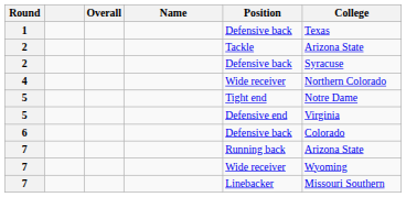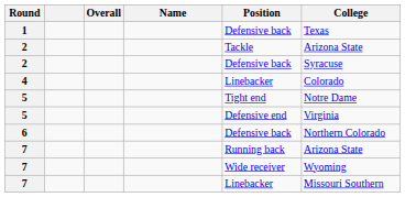 <table class="wikitable sortable">
 <tr>
 <th scope="col" style="width: 10%;">Round</th>
 <th scope="col" style="width: 10%;"></th>
 <th scope="col" style="width: 10%;">Overall</th>
 <th scope="col" style="width: 25%;">Name</th>
 <th scope="col" style="width: 20%;">Position</th>
 <th scope="col" style="width: 25%;">College</th>
 </tr>
 <tr>
 <th scope="row">1</th>
 <td></td>
 <td></td>
 <td></td>
 <td><a href='#'>Defensive back</a></td>
 <td><a href='#'>Texas</a></td>
 </tr>
 <tr>
 <th scope="row">2</th>
 <td></td>
 <td></td>
 <td></td>
 <td><a href='#'>Tackle</a></td>
 <td><a href='#'>Arizona State</a></td>
 </tr>
 <tr>
 <th scope="row">2</th>
 <td></td>
 <td></td>
 <td></td>
 <td><a href='#'>Defensive back</a></td>
 <td><a href='#'>Syracuse</a></td>
 </tr>
 <tr>
 <th scope="row">4</th>
 <td></td>
 <td></td>
 <td></td>
-<td><a href='#'>Wide receiver</a></td>
-<td><a href='#'>Northern Colorado</a></td>
+<td><a href='#'>Linebacker</a></td>
+<td><a href='#'>Colorado</a></td>
 </tr>
 <tr>
 <th scope="row">5</th>
 <td></td>
 <td></td>
 <td></td>
 <td><a href='#'>Tight end</a></td>
 <td><a href='#'>Notre Dame</a></td>
 </tr>
 <tr>
 <th scope="row">5</th>
 <td></td>
 <td></td>
 <td></td>
 <td><a href='#'>Defensive end</a></td>
 <td><a href='#'>Virginia</a></td>
 </tr>
 <tr>
 <th scope="row">6</th>
 <td></td>
 <td></td>
 <td></td>
 <td><a href='#'>Defensive back</a></td>
-<td><a href='#'>Colorado</a></td>
+<td><a href='#'>Northern Colorado</a></td>
 </tr>
 <tr>
 <th scope="row">7</th>
 <td></td>
 <td></td>
 <td></td>
 <td><a href='#'>Running back</a></td>
 <td><a href='#'>Arizona State</a></td>
 </tr>
 <tr>
 <th scope="row">7</th>
 <td></td>
 <td></td>
 <td></td>
 <td><a href='#'>Wide receiver</a></td>
 <td><a href='#'>Wyoming</a></td>
 </tr>
 <tr>
 <th scope="row">7</th>
 <td></td>
 <td></td>
 <td></td>
 <td><a href='#'>Linebacker</a></td>
 <td><a href='#'>Missouri Southern</a></td>
 </tr>
 </table>
